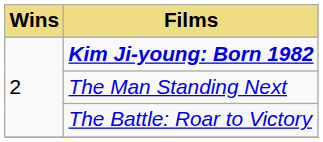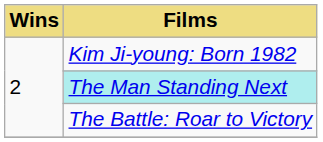 <table class="wikitable">
 <tr>
 <th style="background:#EEDD82;" align="center">Wins</th>
 <th style="background:#EEDD82;" align="center">Films</th>
 </tr>
 <tr>
 <td rowspan="3">2</td>
-<td><strong><em><a href='#'>Kim Ji-young: Born 1982</a></em></strong></td>
+<td><em><a href='#'>Kim Ji-young: Born 1982</a></em></td>
 </tr>
 <tr>
-<td><em><a href='#'>The Man Standing Next</a></em></td>
+<td style="background: paleturquoise;"><em><a href='#'>The Man Standing Next</a></em></td>
 </tr>
 <tr>
 <td><em><a href='#'>The Battle: Roar to Victory</a></em></td>
 </tr>
 <tr>
 </tr>
 </table>
